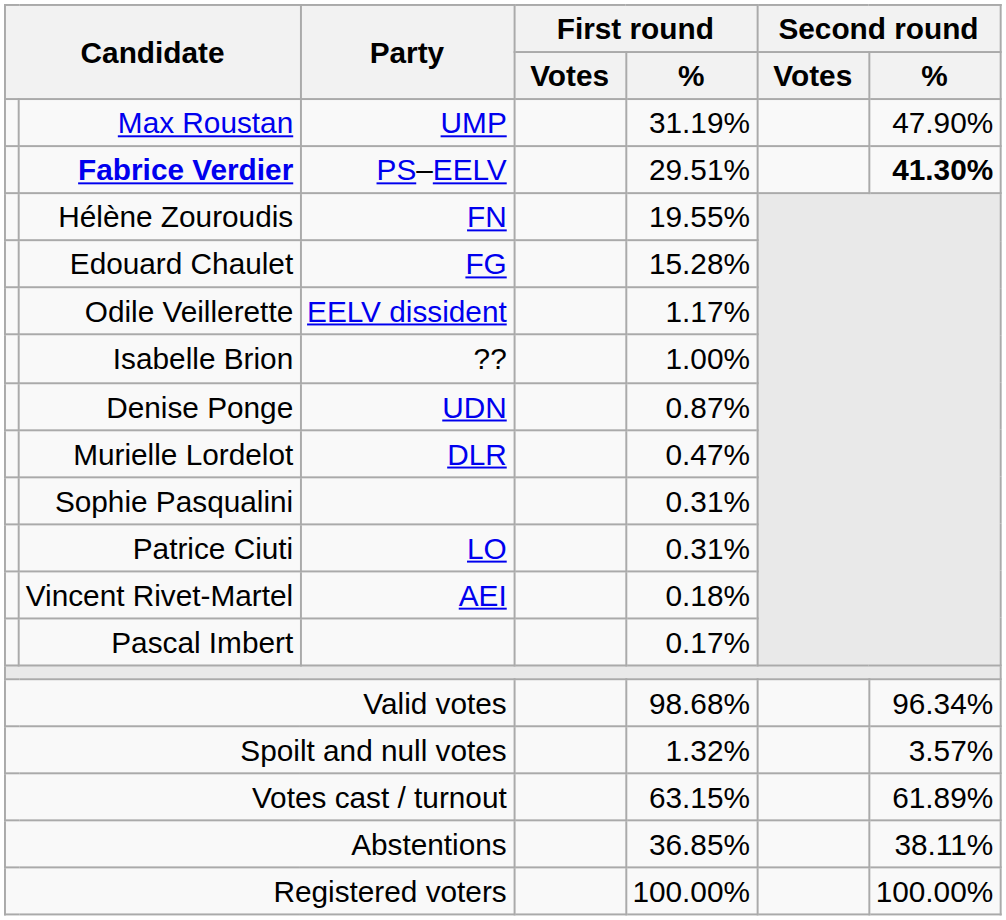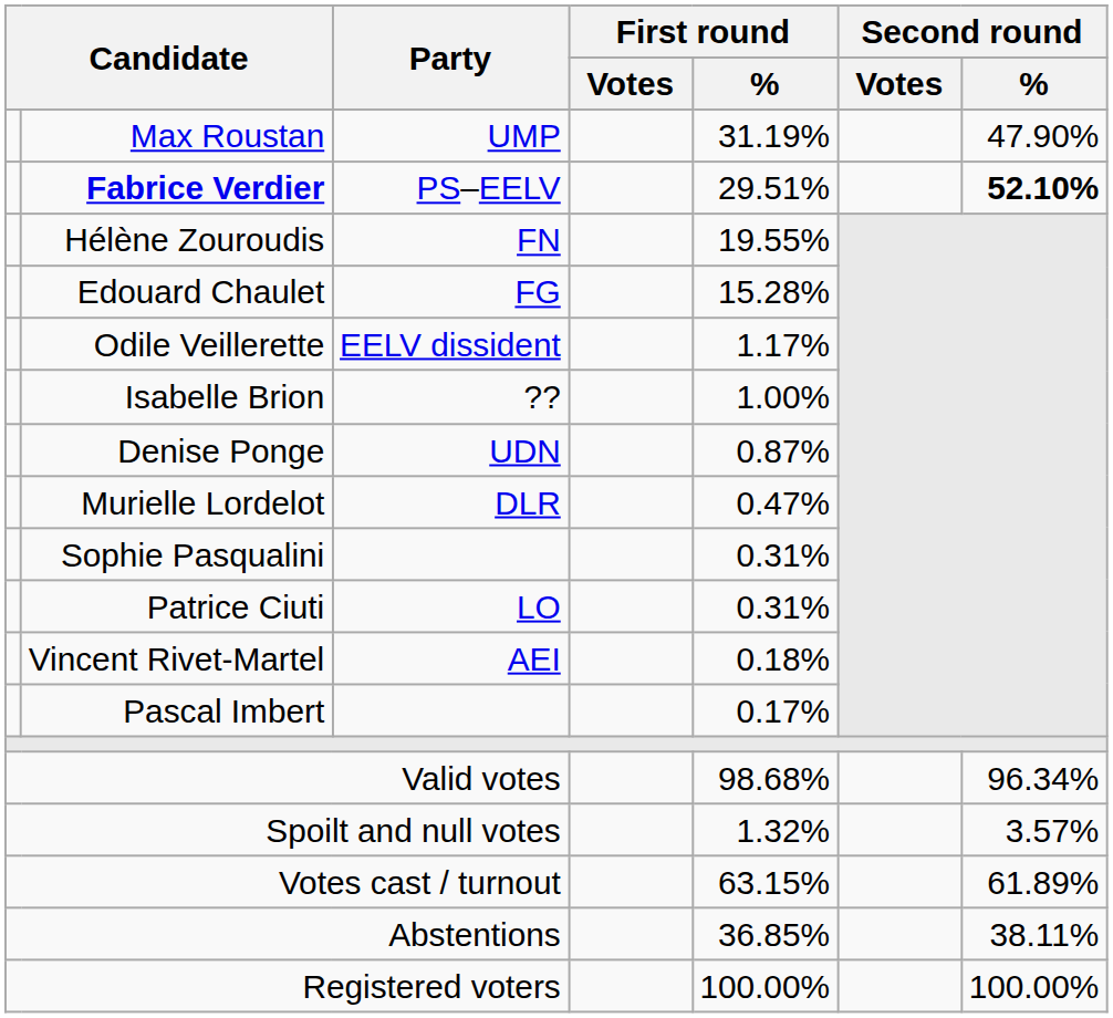 <table class="wikitable" style="text-align:right;font-size:95%;">
 <tr>
 <th rowspan=2 colspan=2>Candidate</th>
 <th rowspan=2 colspan=1>Party</th>
 <th colspan=2>First round</th>
 <th colspan=2>Second round</th>
 </tr>
 <tr>
 <th style="width:50px;">Votes</th>
 <th style="width:55px;">%</th>
 <th style="width:50px;">Votes</th>
 <th style="width:55px;">%</th>
 </tr>
 <tr>
 <td style="color:inherit;background-color:"></td>
 <td><a href='#'>Max Roustan</a></td>
 <td><a href='#'>UMP</a></td>
 <td></td>
 <td>31.19%</td>
 <td></td>
 <td>47.90%</td>
 </tr>
 <tr>
 <td style="color:inherit;background-color:"></td>
 <td><strong><a href='#'>Fabrice Verdier</a></strong></td>
 <td><a href='#'>PS</a>–<a href='#'>EELV</a></td>
 <td></td>
 <td>29.51%</td>
 <td><strong></strong></td>
-<td><strong>41.30%</strong></td>
+<td><strong>52.10%</strong></td>
 </tr>
 <tr>
 <td style="color:inherit;background-color:"></td>
 <td>Hélène Zouroudis</td>
 <td><a href='#'>FN</a></td>
 <td></td>
 <td>19.55%</td>
 <td colspan=7 rowspan=10 style="background-color:#E9E9E9;"></td>
 </tr>
 <tr>
 <td style="color:inherit;background-color:"></td>
 <td>Edouard Chaulet</td>
 <td><a href='#'>FG</a></td>
 <td></td>
 <td>15.28%</td>
 </tr>
 <tr>
 <td style="color:inherit;background-color:"></td>
 <td>Odile Veillerette</td>
 <td><a href='#'>EELV dissident</a></td>
 <td></td>
 <td>1.17%</td>
 </tr>
 <tr>
 <td style="background-color:;"></td>
 <td>Isabelle Brion</td>
 <td>??</td>
 <td></td>
 <td>1.00%</td>
 </tr>
 <tr>
 <td style="color:inherit;background-color:"></td>
 <td>Denise Ponge</td>
 <td><a href='#'>UDN</a></td>
 <td></td>
 <td>0.87%</td>
 </tr>
 <tr>
 <td style="color:inherit;background-color:"></td>
 <td>Murielle Lordelot</td>
 <td><a href='#'>DLR</a></td>
 <td></td>
 <td>0.47%</td>
 </tr>
 <tr>
 <td style="background-color:;"></td>
 <td>Sophie Pasqualini</td>
 <td></td>
 <td></td>
 <td>0.31%</td>
 </tr>
 <tr>
 <td style="color:inherit;background-color:"></td>
 <td>Patrice Ciuti</td>
 <td><a href='#'>LO</a></td>
 <td></td>
 <td>0.31%</td>
 </tr>
 <tr>
 <td style="color:inherit;background-color:"></td>
 <td>Vincent Rivet-Martel</td>
 <td><a href='#'>AEI</a></td>
 <td></td>
 <td>0.18%</td>
 </tr>
 <tr>
 <td style="background-color:;"></td>
 <td>Pascal Imbert</td>
 <td></td>
 <td></td>
 <td>0.17%</td>
 </tr>
 <tr>
 <td colspan=7 style="background-color:#E9E9E9;"></td>
 </tr>
 <tr>
 <td colspan=3>Valid votes</td>
 <td></td>
 <td>98.68%</td>
 <td></td>
 <td>96.34%</td>
 </tr>
 <tr>
 <td colspan=3>Spoilt and null votes</td>
 <td></td>
 <td>1.32%</td>
 <td></td>
 <td>3.57%</td>
 </tr>
 <tr>
 <td colspan=3>Votes cast / turnout</td>
 <td></td>
 <td>63.15%</td>
 <td></td>
 <td>61.89%</td>
 </tr>
 <tr>
 <td colspan=3>Abstentions</td>
 <td></td>
 <td>36.85%</td>
 <td></td>
 <td>38.11%</td>
 </tr>
 <tr>
 <td colspan=3>Registered voters</td>
 <td></td>
 <td>100.00%</td>
 <td></td>
 <td>100.00%</td>
 </tr>
 </table>
